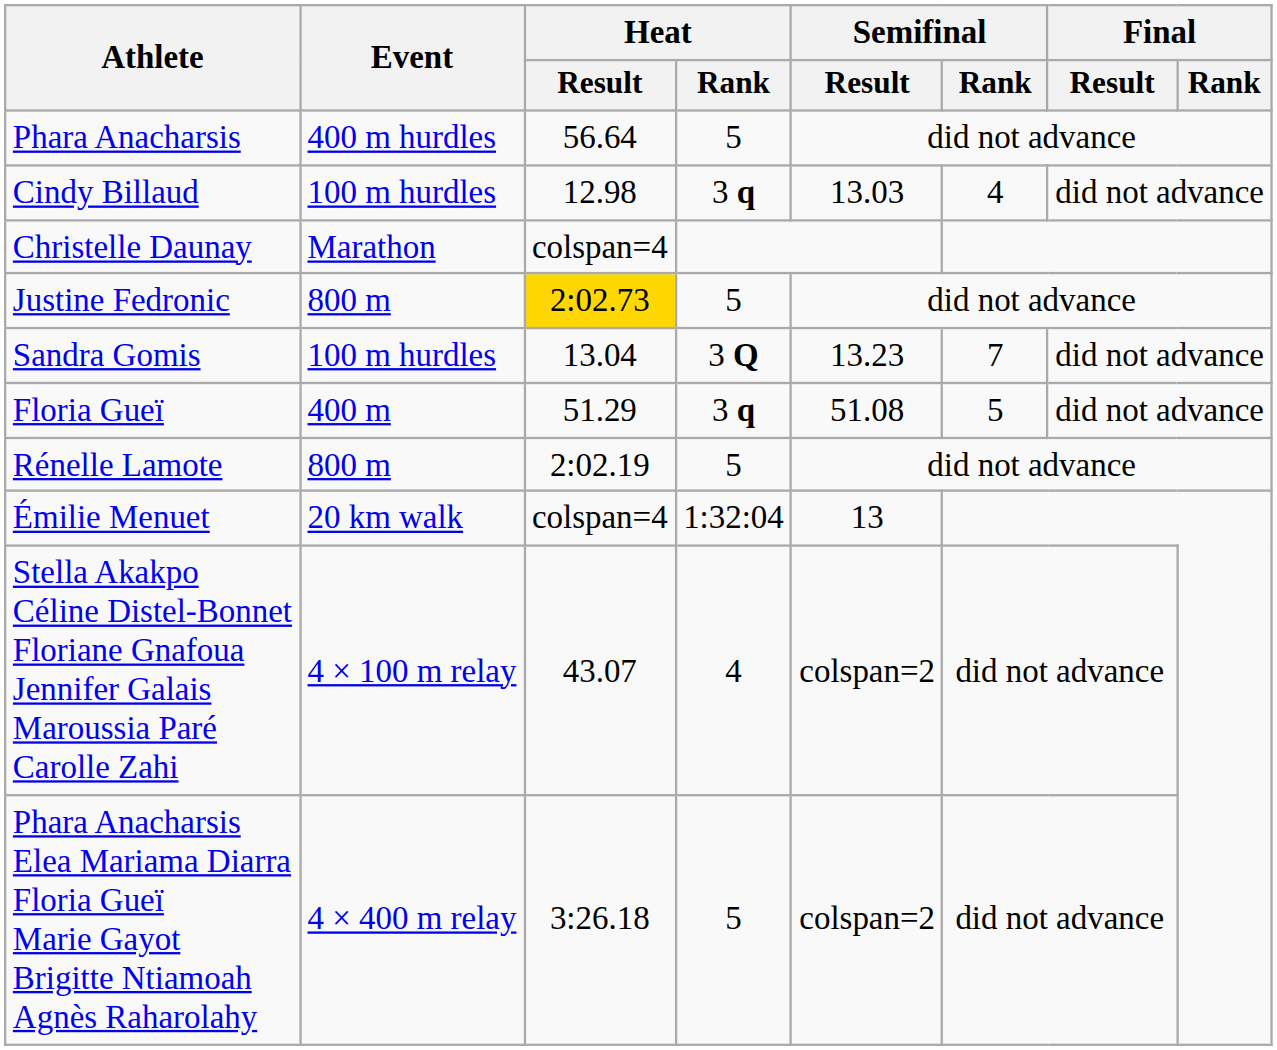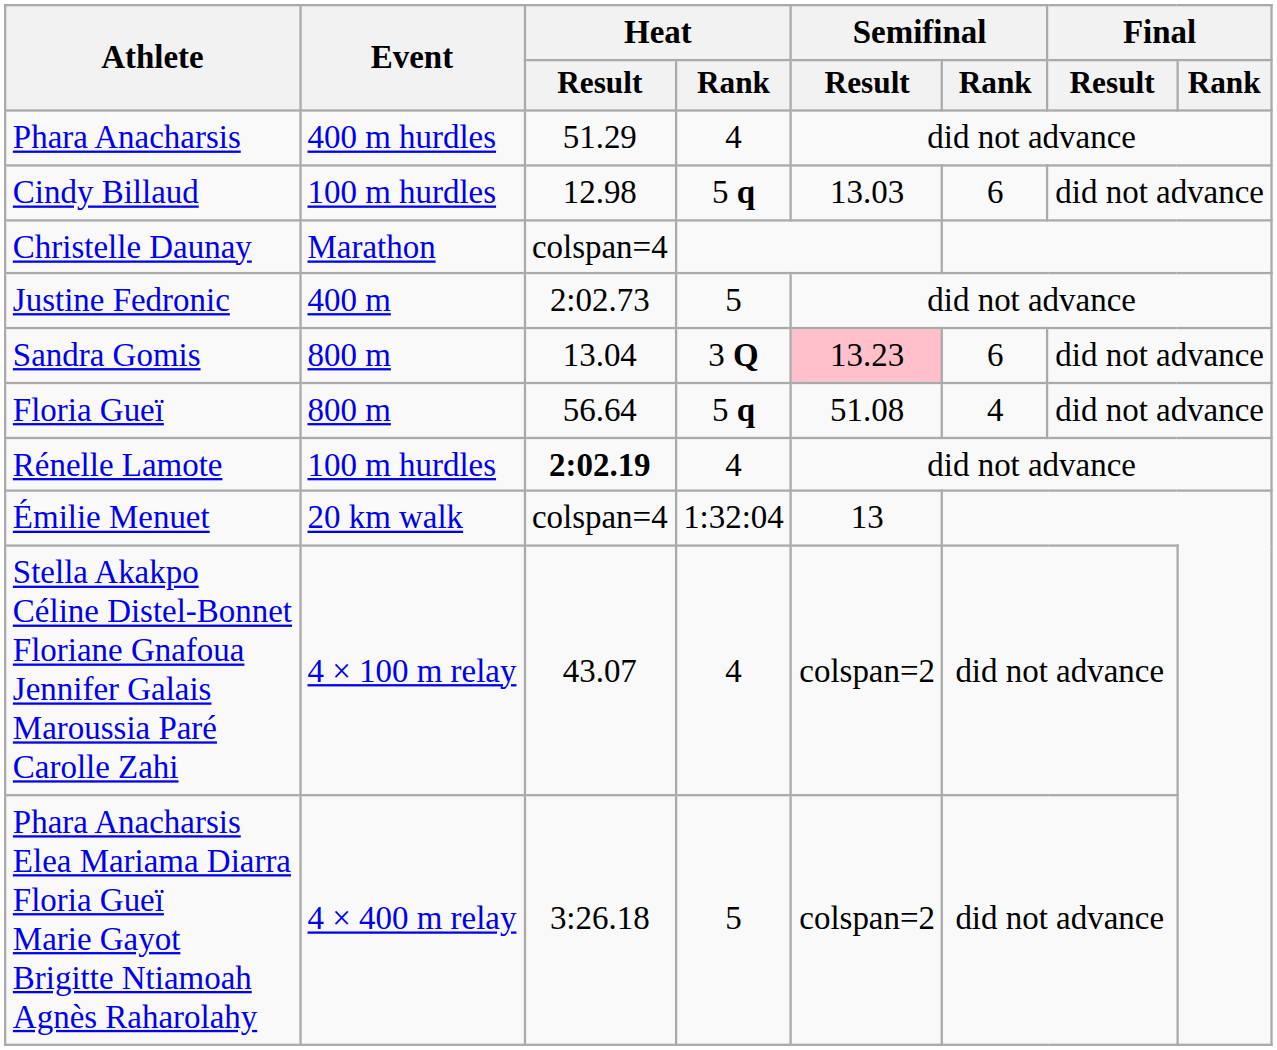 <table class="wikitable" style="font-size:90%">
 <tr>
 <th rowspan="2">Athlete</th>
 <th rowspan="2">Event</th>
 <th colspan="2">Heat</th>
 <th colspan="2">Semifinal</th>
 <th colspan="2">Final</th>
 </tr>
 <tr style="font-size:95%">
 <th>Result</th>
 <th>Rank</th>
 <th>Result</th>
 <th>Rank</th>
 <th>Result</th>
 <th>Rank</th>
 </tr>
 <tr align=center>
 <td align=left><a href='#'>Phara Anacharsis</a></td>
 <td align=left><a href='#'>400 m hurdles</a></td>
-<td>56.64</td>
-<td>5</td>
+<td>51.29</td>
+<td>4</td>
 <td colspan=4>did not advance</td>
 </tr>
 <tr align="center">
 <td align=left><a href='#'>Cindy Billaud</a></td>
 <td align=left><a href='#'>100 m hurdles</a></td>
 <td>12.98</td>
-<td>3 <strong>q</strong></td>
+<td>5 <strong>q</strong></td>
 <td>13.03</td>
-<td>4</td>
+<td>6</td>
 <td colspan="2">did not advance</td>
 </tr>
 <tr align=center>
 <td align=left><a href='#'>Christelle Daunay</a></td>
 <td align=left><a href='#'>Marathon</a></td>
 <td>colspan=4 </td>
 <td colspan=2></td>
 </tr>
 <tr align=center>
 <td align=left><a href='#'>Justine Fedronic</a></td>
-<td align=left><a href='#'>800 m</a></td>
-<td style="background: gold;">2:02.73</td>
+<td align=left><a href='#'>400 m</a></td>
+<td>2:02.73</td>
 <td>5</td>
 <td colspan=4>did not advance</td>
 </tr>
 <tr align="center">
 <td align=left><a href='#'>Sandra Gomis</a></td>
-<td align=left><a href='#'>100 m hurdles</a></td>
+<td align=left><a href='#'>800 m</a></td>
 <td>13.04</td>
 <td>3 <strong>Q</strong></td>
-<td>13.23</td>
-<td>7</td>
+<td style="background: pink;">13.23</td>
+<td>6</td>
 <td colspan="2">did not advance</td>
 </tr>
 <tr align=center>
 <td align=left><a href='#'>Floria Gueï</a></td>
-<td align=left><a href='#'>400 m</a></td>
-<td>51.29</td>
-<td>3 <strong>q</strong></td>
+<td align=left><a href='#'>800 m</a></td>
+<td>56.64</td>
+<td>5 <strong>q</strong></td>
 <td>51.08</td>
-<td>5</td>
+<td>4</td>
 <td colspan=2>did not advance</td>
 </tr>
 <tr align=center>
 <td align=left><a href='#'>Rénelle Lamote</a></td>
-<td align=left><a href='#'>800 m</a></td>
-<td>2:02.19</td>
-<td>5</td>
+<td align=left><a href='#'>100 m hurdles</a></td>
+<td><strong>2:02.19</strong></td>
+<td>4</td>
 <td colspan=4>did not advance</td>
 </tr>
 <tr align=center>
 <td align=left><a href='#'>Émilie Menuet</a></td>
 <td align=left><a href='#'>20 km walk</a></td>
 <td>colspan=4 </td>
 <td>1:32:04</td>
 <td>13</td>
 </tr>
 <tr align=center>
 <td align=left><a href='#'>Stella Akakpo</a><br><a href='#'>Céline Distel-Bonnet</a><br><a href='#'>Floriane Gnafoua</a><br><a href='#'>Jennifer Galais</a><br><a href='#'>Maroussia Paré</a><br><a href='#'>Carolle Zahi</a></td>
 <td align=left><a href='#'>4 × 100 m relay</a></td>
 <td>43.07</td>
 <td>4</td>
 <td>colspan=2 </td>
 <td colspan=2>did not advance</td>
 </tr>
 <tr align=center>
 <td align=left><a href='#'>Phara Anacharsis</a><br><a href='#'>Elea Mariama Diarra</a><br><a href='#'>Floria Gueï</a><br><a href='#'>Marie Gayot</a><br><a href='#'>Brigitte Ntiamoah</a><br><a href='#'>Agnès Raharolahy</a></td>
 <td align=left><a href='#'>4 × 400 m relay</a></td>
 <td>3:26.18</td>
 <td>5</td>
 <td>colspan=2 </td>
 <td colspan=2>did not advance</td>
 </tr>
 </table>
